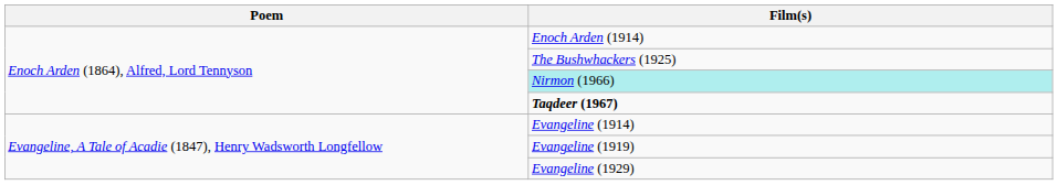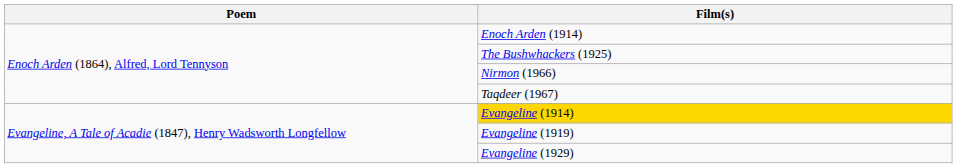 <table class="wikitable">
 <tr>
 <th width="600">Poem</th>
 <th width="600">Film(s)</th>
 </tr>
 <tr>
 <td rowspan="4"><em><a href='#'>Enoch Arden</a></em> (1864), <a href='#'>Alfred, Lord Tennyson</a></td>
 <td><em><a href='#'>Enoch Arden</a></em> (1914)</td>
 </tr>
 <tr>
 <td><em><a href='#'>The Bushwhackers</a></em> (1925)</td>
 </tr>
 <tr>
-<td style="background: paleturquoise;"><em><a href='#'>Nirmon</a></em> (1966)</td>
+<td><em><a href='#'>Nirmon</a></em> (1966)</td>
 </tr>
 <tr>
-<td><strong><em>Taqdeer</em> (1967)</strong></td>
+<td><em>Taqdeer</em> (1967)</td>
 </tr>
 <tr>
 <td rowspan="3"><em><a href='#'>Evangeline, A Tale of Acadie</a></em> (1847), <a href='#'>Henry Wadsworth Longfellow</a></td>
-<td><em><a href='#'>Evangeline</a></em> (1914)</td>
+<td style="background: gold;"><em><a href='#'>Evangeline</a></em> (1914)</td>
 </tr>
 <tr>
 <td><em><a href='#'>Evangeline</a></em> (1919)</td>
 </tr>
 <tr>
 <td><em><a href='#'>Evangeline</a></em> (1929)</td>
 </tr>
 </table>
